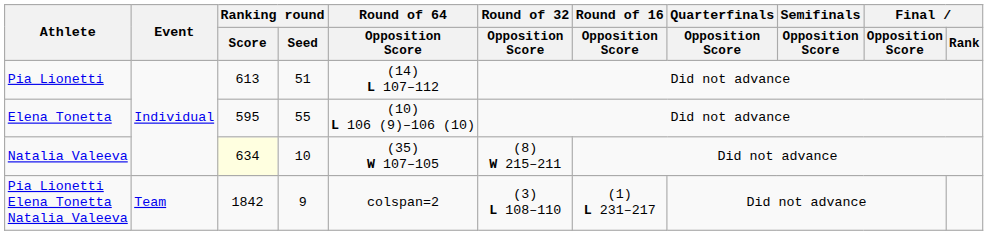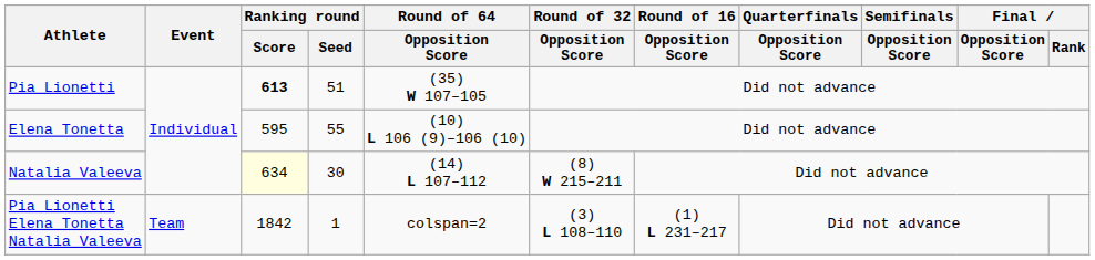 <table class="wikitable" style="font-size:90%">
 <tr>
 <th rowspan="2">Athlete</th>
 <th rowspan="2">Event</th>
 <th colspan="2">Ranking round</th>
 <th>Round of 64</th>
 <th>Round of 32</th>
 <th>Round of 16</th>
 <th>Quarterfinals</th>
 <th>Semifinals</th>
 <th colspan="2">Final / </th>
 </tr>
 <tr style="font-size:95%">
 <th>Score</th>
 <th>Seed</th>
 <th>Opposition<br>Score</th>
 <th>Opposition<br>Score</th>
 <th>Opposition<br>Score</th>
 <th>Opposition<br>Score</th>
 <th>Opposition<br>Score</th>
 <th>Opposition<br>Score</th>
 <th>Rank</th>
 </tr>
 <tr align=center>
 <td align=left><a href='#'>Pia Lionetti</a></td>
 <td align=left rowspan=3><a href='#'>Individual</a></td>
-<td>613</td>
+<td><strong>613</strong></td>
 <td>51</td>
-<td> (14)<br><strong>L</strong> 107–112</td>
+<td> (35)<br><strong>W</strong> 107–105</td>
 <td colspan=6>Did not advance</td>
 </tr>
 <tr align=center>
 <td align=left><a href='#'>Elena Tonetta</a></td>
 <td>595</td>
 <td>55</td>
 <td> (10)<br><strong>L</strong> 106 (9)–106 (10)</td>
 <td colspan=6>Did not advance</td>
 </tr>
 <tr align=center>
 <td align=left><a href='#'>Natalia Valeeva</a></td>
 <td style="background: lightyellow;">634</td>
-<td>10</td>
-<td> (35)<br><strong>W</strong> 107–105</td>
+<td>30</td>
+<td> (14)<br><strong>L</strong> 107–112</td>
 <td> (8)<br><strong>W</strong> 215–211</td>
 <td colspan=5>Did not advance</td>
 </tr>
 <tr align=center>
 <td align=left><a href='#'>Pia Lionetti</a><br><a href='#'>Elena Tonetta</a><br><a href='#'>Natalia Valeeva</a></td>
 <td align=left><a href='#'>Team</a></td>
 <td>1842</td>
-<td>9</td>
+<td>1</td>
 <td>colspan=2 </td>
 <td> (3)<br><strong>L</strong> 108–110</td>
 <td> (1)<br><strong>L</strong> 231–217</td>
 <td colspan=3>Did not advance</td>
 </tr>
 </table>
